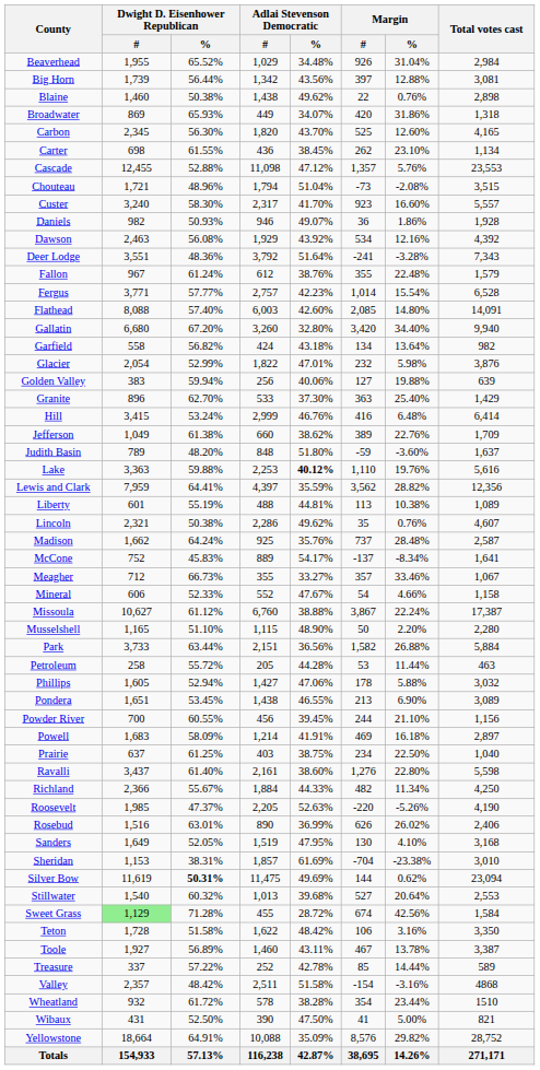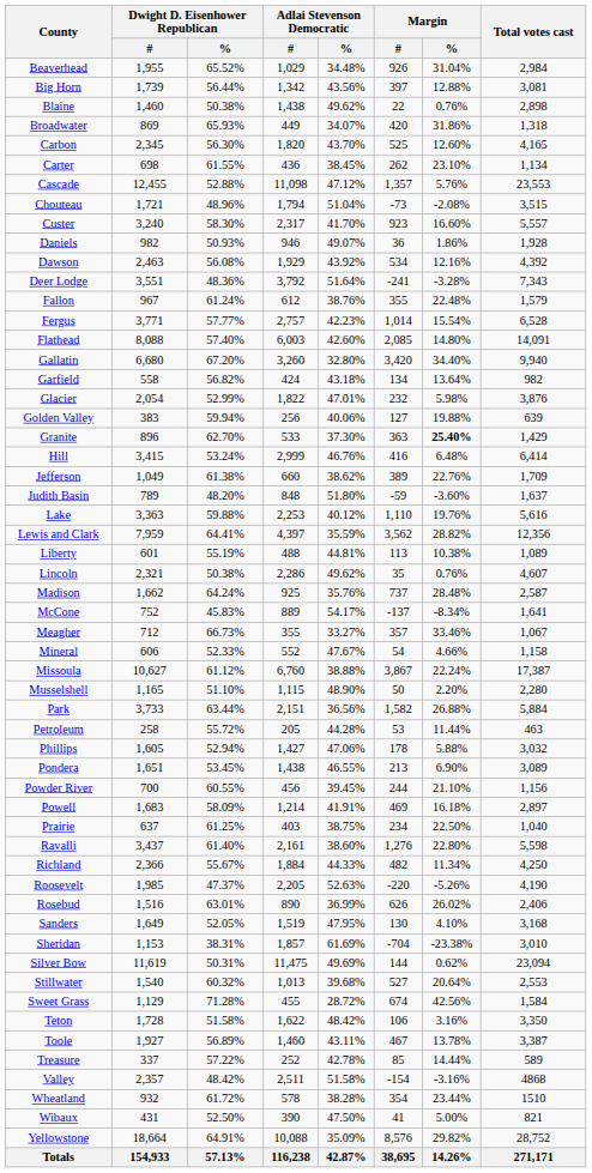 <table width="60%"  class="wikitable sortable" style="text-align:center">
 <tr>
 <th style="text-align:center;" rowspan="2">County</th>
 <th style="text-align:center;" colspan="2">Dwight D. Eisenhower<br>Republican</th>
 <th style="text-align:center;" colspan="2">Adlai Stevenson<br>Democratic</th>
 <th style="text-align:center;" colspan="2">Margin</th>
 <th style="text-align:center;" rowspan="2">Total votes cast</th>
 </tr>
 <tr>
 <th style="text-align:center;" data-sort-type="number">#</th>
 <th style="text-align:center;" data-sort-type="number">%</th>
 <th style="text-align:center;" data-sort-type="number">#</th>
 <th style="text-align:center;" data-sort-type="number">%</th>
 <th style="text-align:center;" data-sort-type="number">#</th>
 <th style="text-align:center;" data-sort-type="number">%</th>
 </tr>
 <tr style="text-align:center;">
 <td><a href='#'>Beaverhead</a></td>
 <td>1,955</td>
 <td>65.52%</td>
 <td>1,029</td>
 <td>34.48%</td>
 <td>926</td>
 <td>31.04%</td>
 <td>2,984</td>
 </tr>
 <tr style="text-align:center;">
 <td><a href='#'>Big Horn</a></td>
 <td>1,739</td>
 <td>56.44%</td>
 <td>1,342</td>
 <td>43.56%</td>
 <td>397</td>
 <td>12.88%</td>
 <td>3,081</td>
 </tr>
 <tr style="text-align:center;">
 <td><a href='#'>Blaine</a></td>
 <td>1,460</td>
 <td>50.38%</td>
 <td>1,438</td>
 <td>49.62%</td>
 <td>22</td>
 <td>0.76%</td>
 <td>2,898</td>
 </tr>
 <tr style="text-align:center;">
 <td><a href='#'>Broadwater</a></td>
 <td>869</td>
 <td>65.93%</td>
 <td>449</td>
 <td>34.07%</td>
 <td>420</td>
 <td>31.86%</td>
 <td>1,318</td>
 </tr>
 <tr style="text-align:center;">
 <td><a href='#'>Carbon</a></td>
 <td>2,345</td>
 <td>56.30%</td>
 <td>1,820</td>
 <td>43.70%</td>
 <td>525</td>
 <td>12.60%</td>
 <td>4,165</td>
 </tr>
 <tr style="text-align:center;">
 <td><a href='#'>Carter</a></td>
 <td>698</td>
 <td>61.55%</td>
 <td>436</td>
 <td>38.45%</td>
 <td>262</td>
 <td>23.10%</td>
 <td>1,134</td>
 </tr>
 <tr style="text-align:center;">
 <td><a href='#'>Cascade</a></td>
 <td>12,455</td>
 <td>52.88%</td>
 <td>11,098</td>
 <td>47.12%</td>
 <td>1,357</td>
 <td>5.76%</td>
 <td>23,553</td>
 </tr>
 <tr style="text-align:center;">
 <td><a href='#'>Chouteau</a></td>
 <td>1,721</td>
 <td>48.96%</td>
 <td>1,794</td>
 <td>51.04%</td>
 <td>-73</td>
 <td>-2.08%</td>
 <td>3,515</td>
 </tr>
 <tr style="text-align:center;">
 <td><a href='#'>Custer</a></td>
 <td>3,240</td>
 <td>58.30%</td>
 <td>2,317</td>
 <td>41.70%</td>
 <td>923</td>
 <td>16.60%</td>
 <td>5,557</td>
 </tr>
 <tr style="text-align:center;">
 <td><a href='#'>Daniels</a></td>
 <td>982</td>
 <td>50.93%</td>
 <td>946</td>
 <td>49.07%</td>
 <td>36</td>
 <td>1.86%</td>
 <td>1,928</td>
 </tr>
 <tr style="text-align:center;">
 <td><a href='#'>Dawson</a></td>
 <td>2,463</td>
 <td>56.08%</td>
 <td>1,929</td>
 <td>43.92%</td>
 <td>534</td>
 <td>12.16%</td>
 <td>4,392</td>
 </tr>
 <tr style="text-align:center;">
 <td><a href='#'>Deer Lodge</a></td>
 <td>3,551</td>
 <td>48.36%</td>
 <td>3,792</td>
 <td>51.64%</td>
 <td>-241</td>
 <td>-3.28%</td>
 <td>7,343</td>
 </tr>
 <tr style="text-align:center;">
 <td><a href='#'>Fallon</a></td>
 <td>967</td>
 <td>61.24%</td>
 <td>612</td>
 <td>38.76%</td>
 <td>355</td>
 <td>22.48%</td>
 <td>1,579</td>
 </tr>
 <tr style="text-align:center;">
 <td><a href='#'>Fergus</a></td>
 <td>3,771</td>
 <td>57.77%</td>
 <td>2,757</td>
 <td>42.23%</td>
 <td>1,014</td>
 <td>15.54%</td>
 <td>6,528</td>
 </tr>
 <tr style="text-align:center;">
 <td><a href='#'>Flathead</a></td>
 <td>8,088</td>
 <td>57.40%</td>
 <td>6,003</td>
 <td>42.60%</td>
 <td>2,085</td>
 <td>14.80%</td>
 <td>14,091</td>
 </tr>
 <tr style="text-align:center;">
 <td><a href='#'>Gallatin</a></td>
 <td>6,680</td>
 <td>67.20%</td>
 <td>3,260</td>
 <td>32.80%</td>
 <td>3,420</td>
 <td>34.40%</td>
 <td>9,940</td>
 </tr>
 <tr style="text-align:center;">
 <td><a href='#'>Garfield</a></td>
 <td>558</td>
 <td>56.82%</td>
 <td>424</td>
 <td>43.18%</td>
 <td>134</td>
 <td>13.64%</td>
 <td>982</td>
 </tr>
 <tr style="text-align:center;">
 <td><a href='#'>Glacier</a></td>
 <td>2,054</td>
 <td>52.99%</td>
 <td>1,822</td>
 <td>47.01%</td>
 <td>232</td>
 <td>5.98%</td>
 <td>3,876</td>
 </tr>
 <tr style="text-align:center;">
 <td><a href='#'>Golden Valley</a></td>
 <td>383</td>
 <td>59.94%</td>
 <td>256</td>
 <td>40.06%</td>
 <td>127</td>
 <td>19.88%</td>
 <td>639</td>
 </tr>
 <tr style="text-align:center;">
 <td><a href='#'>Granite</a></td>
 <td>896</td>
 <td>62.70%</td>
 <td>533</td>
 <td>37.30%</td>
 <td>363</td>
-<td>25.40%</td>
+<td><strong>25.40%</strong></td>
 <td>1,429</td>
 </tr>
 <tr style="text-align:center;">
 <td><a href='#'>Hill</a></td>
 <td>3,415</td>
 <td>53.24%</td>
 <td>2,999</td>
 <td>46.76%</td>
 <td>416</td>
 <td>6.48%</td>
 <td>6,414</td>
 </tr>
 <tr style="text-align:center;">
 <td><a href='#'>Jefferson</a></td>
 <td>1,049</td>
 <td>61.38%</td>
 <td>660</td>
 <td>38.62%</td>
 <td>389</td>
 <td>22.76%</td>
 <td>1,709</td>
 </tr>
 <tr style="text-align:center;">
 <td><a href='#'>Judith Basin</a></td>
 <td>789</td>
 <td>48.20%</td>
 <td>848</td>
 <td>51.80%</td>
 <td>-59</td>
 <td>-3.60%</td>
 <td>1,637</td>
 </tr>
 <tr style="text-align:center;">
 <td><a href='#'>Lake</a></td>
 <td>3,363</td>
 <td>59.88%</td>
 <td>2,253</td>
-<td><strong>40.12%</strong></td>
+<td>40.12%</td>
 <td>1,110</td>
 <td>19.76%</td>
 <td>5,616</td>
 </tr>
 <tr style="text-align:center;">
 <td><a href='#'>Lewis and Clark</a></td>
 <td>7,959</td>
 <td>64.41%</td>
 <td>4,397</td>
 <td>35.59%</td>
 <td>3,562</td>
 <td>28.82%</td>
 <td>12,356</td>
 </tr>
 <tr style="text-align:center;">
 <td><a href='#'>Liberty</a></td>
 <td>601</td>
 <td>55.19%</td>
 <td>488</td>
 <td>44.81%</td>
 <td>113</td>
 <td>10.38%</td>
 <td>1,089</td>
 </tr>
 <tr style="text-align:center;">
 <td><a href='#'>Lincoln</a></td>
 <td>2,321</td>
 <td>50.38%</td>
 <td>2,286</td>
 <td>49.62%</td>
 <td>35</td>
 <td>0.76%</td>
 <td>4,607</td>
 </tr>
 <tr style="text-align:center;">
 <td><a href='#'>Madison</a></td>
 <td>1,662</td>
 <td>64.24%</td>
 <td>925</td>
 <td>35.76%</td>
 <td>737</td>
 <td>28.48%</td>
 <td>2,587</td>
 </tr>
 <tr style="text-align:center;">
 <td><a href='#'>McCone</a></td>
 <td>752</td>
 <td>45.83%</td>
 <td>889</td>
 <td>54.17%</td>
 <td>-137</td>
 <td>-8.34%</td>
 <td>1,641</td>
 </tr>
 <tr style="text-align:center;">
 <td><a href='#'>Meagher</a></td>
 <td>712</td>
 <td>66.73%</td>
 <td>355</td>
 <td>33.27%</td>
 <td>357</td>
 <td>33.46%</td>
 <td>1,067</td>
 </tr>
 <tr style="text-align:center;">
 <td><a href='#'>Mineral</a></td>
 <td>606</td>
 <td>52.33%</td>
 <td>552</td>
 <td>47.67%</td>
 <td>54</td>
 <td>4.66%</td>
 <td>1,158</td>
 </tr>
 <tr style="text-align:center;">
 <td><a href='#'>Missoula</a></td>
 <td>10,627</td>
 <td>61.12%</td>
 <td>6,760</td>
 <td>38.88%</td>
 <td>3,867</td>
 <td>22.24%</td>
 <td>17,387</td>
 </tr>
 <tr style="text-align:center;">
 <td><a href='#'>Musselshell</a></td>
 <td>1,165</td>
 <td>51.10%</td>
 <td>1,115</td>
 <td>48.90%</td>
 <td>50</td>
 <td>2.20%</td>
 <td>2,280</td>
 </tr>
 <tr style="text-align:center;">
 <td><a href='#'>Park</a></td>
 <td>3,733</td>
 <td>63.44%</td>
 <td>2,151</td>
 <td>36.56%</td>
 <td>1,582</td>
 <td>26.88%</td>
 <td>5,884</td>
 </tr>
 <tr style="text-align:center;">
 <td><a href='#'>Petroleum</a></td>
 <td>258</td>
 <td>55.72%</td>
 <td>205</td>
 <td>44.28%</td>
 <td>53</td>
 <td>11.44%</td>
 <td>463</td>
 </tr>
 <tr style="text-align:center;">
 <td><a href='#'>Phillips</a></td>
 <td>1,605</td>
 <td>52.94%</td>
 <td>1,427</td>
 <td>47.06%</td>
 <td>178</td>
 <td>5.88%</td>
 <td>3,032</td>
 </tr>
 <tr style="text-align:center;">
 <td><a href='#'>Pondera</a></td>
 <td>1,651</td>
 <td>53.45%</td>
 <td>1,438</td>
 <td>46.55%</td>
 <td>213</td>
 <td>6.90%</td>
 <td>3,089</td>
 </tr>
 <tr style="text-align:center;">
 <td><a href='#'>Powder River</a></td>
 <td>700</td>
 <td>60.55%</td>
 <td>456</td>
 <td>39.45%</td>
 <td>244</td>
 <td>21.10%</td>
 <td>1,156</td>
 </tr>
 <tr style="text-align:center;">
 <td><a href='#'>Powell</a></td>
 <td>1,683</td>
 <td>58.09%</td>
 <td>1,214</td>
 <td>41.91%</td>
 <td>469</td>
 <td>16.18%</td>
 <td>2,897</td>
 </tr>
 <tr style="text-align:center;">
 <td><a href='#'>Prairie</a></td>
 <td>637</td>
 <td>61.25%</td>
 <td>403</td>
 <td>38.75%</td>
 <td>234</td>
 <td>22.50%</td>
 <td>1,040</td>
 </tr>
 <tr style="text-align:center;">
 <td><a href='#'>Ravalli</a></td>
 <td>3,437</td>
 <td>61.40%</td>
 <td>2,161</td>
 <td>38.60%</td>
 <td>1,276</td>
 <td>22.80%</td>
 <td>5,598</td>
 </tr>
 <tr style="text-align:center;">
 <td><a href='#'>Richland</a></td>
 <td>2,366</td>
 <td>55.67%</td>
 <td>1,884</td>
 <td>44.33%</td>
 <td>482</td>
 <td>11.34%</td>
 <td>4,250</td>
 </tr>
 <tr style="text-align:center;">
 <td><a href='#'>Roosevelt</a></td>
 <td>1,985</td>
 <td>47.37%</td>
 <td>2,205</td>
 <td>52.63%</td>
 <td>-220</td>
 <td>-5.26%</td>
 <td>4,190</td>
 </tr>
 <tr style="text-align:center;">
 <td><a href='#'>Rosebud</a></td>
 <td>1,516</td>
 <td>63.01%</td>
 <td>890</td>
 <td>36.99%</td>
 <td>626</td>
 <td>26.02%</td>
 <td>2,406</td>
 </tr>
 <tr style="text-align:center;">
 <td><a href='#'>Sanders</a></td>
 <td>1,649</td>
 <td>52.05%</td>
 <td>1,519</td>
 <td>47.95%</td>
 <td>130</td>
 <td>4.10%</td>
 <td>3,168</td>
 </tr>
 <tr style="text-align:center;">
 <td><a href='#'>Sheridan</a></td>
 <td>1,153</td>
 <td>38.31%</td>
 <td>1,857</td>
 <td>61.69%</td>
 <td>-704</td>
 <td>-23.38%</td>
 <td>3,010</td>
 </tr>
 <tr style="text-align:center;">
 <td><a href='#'>Silver Bow</a></td>
 <td>11,619</td>
-<td><strong>50.31%</strong></td>
+<td>50.31%</td>
 <td>11,475</td>
 <td>49.69%</td>
 <td>144</td>
 <td>0.62%</td>
 <td>23,094</td>
 </tr>
 <tr style="text-align:center;">
 <td><a href='#'>Stillwater</a></td>
 <td>1,540</td>
 <td>60.32%</td>
 <td>1,013</td>
 <td>39.68%</td>
 <td>527</td>
 <td>20.64%</td>
 <td>2,553</td>
 </tr>
 <tr style="text-align:center;">
 <td><a href='#'>Sweet Grass</a></td>
-<td style="background: lightgreen;">1,129</td>
+<td>1,129</td>
 <td>71.28%</td>
 <td>455</td>
 <td>28.72%</td>
 <td>674</td>
 <td>42.56%</td>
 <td>1,584</td>
 </tr>
 <tr style="text-align:center;">
 <td><a href='#'>Teton</a></td>
 <td>1,728</td>
 <td>51.58%</td>
 <td>1,622</td>
 <td>48.42%</td>
 <td>106</td>
 <td>3.16%</td>
 <td>3,350</td>
 </tr>
 <tr style="text-align:center;">
 <td><a href='#'>Toole</a></td>
 <td>1,927</td>
 <td>56.89%</td>
 <td>1,460</td>
 <td>43.11%</td>
 <td>467</td>
 <td>13.78%</td>
 <td>3,387</td>
 </tr>
 <tr style="text-align:center;">
 <td><a href='#'>Treasure</a></td>
 <td>337</td>
 <td>57.22%</td>
 <td>252</td>
 <td>42.78%</td>
 <td>85</td>
 <td>14.44%</td>
 <td>589</td>
 </tr>
 <tr style="text-align:center;">
 <td><a href='#'>Valley</a></td>
 <td>2,357</td>
 <td>48.42%</td>
 <td>2,511</td>
 <td>51.58%</td>
 <td>-154</td>
 <td>-3.16%</td>
 <td>4868</td>
 </tr>
 <tr style="text-align:center;">
 <td><a href='#'>Wheatland</a></td>
 <td>932</td>
 <td>61.72%</td>
 <td>578</td>
 <td>38.28%</td>
 <td>354</td>
 <td>23.44%</td>
 <td>1510</td>
 </tr>
 <tr style="text-align:center;">
 <td><a href='#'>Wibaux</a></td>
 <td>431</td>
 <td>52.50%</td>
 <td>390</td>
 <td>47.50%</td>
 <td>41</td>
 <td>5.00%</td>
 <td>821</td>
 </tr>
 <tr style="text-align:center;">
 <td><a href='#'>Yellowstone</a></td>
 <td>18,664</td>
 <td>64.91%</td>
 <td>10,088</td>
 <td>35.09%</td>
 <td>8,576</td>
 <td>29.82%</td>
 <td>28,752</td>
 </tr>
 <tr style="text-align:center;">
 <th>Totals</th>
 <th>154,933</th>
 <th>57.13%</th>
 <th>116,238</th>
 <th>42.87%</th>
 <th>38,695</th>
 <th>14.26%</th>
 <th>271,171</th>
 </tr>
 </table>
